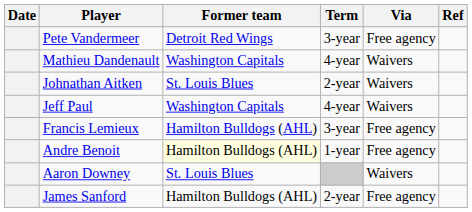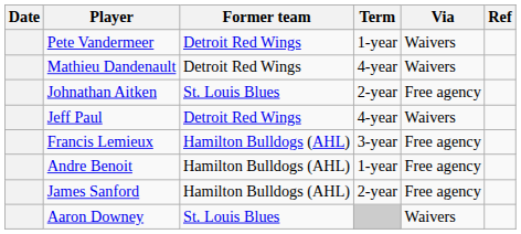 <table class="wikitable plainrowheaders">
 <tr style="background:#ddd; text-align:center;">
 <th>Date</th>
 <th>Player</th>
 <th>Former team</th>
 <th>Term</th>
 <th>Via</th>
 <th>Ref</th>
 </tr>
 <tr>
 <th scope="row"></th>
 <td><a href='#'>Pete Vandermeer</a></td>
 <td><a href='#'>Detroit Red Wings</a></td>
-<td>3-year</td>
-<td>Free agency</td>
+<td>1-year</td>
+<td>Waivers</td>
 <td></td>
 </tr>
 <tr>
 <th scope="row"></th>
 <td><a href='#'>Mathieu Dandenault</a></td>
-<td><a href='#'>Washington Capitals</a></td>
+<td>Detroit Red Wings</td>
 <td>4-year</td>
 <td>Waivers</td>
 <td></td>
 </tr>
 <tr>
 <th scope="row"></th>
 <td><a href='#'>Johnathan Aitken</a></td>
 <td><a href='#'>St. Louis Blues</a></td>
 <td>2-year</td>
-<td>Waivers</td>
+<td>Free agency</td>
 <td></td>
 </tr>
 <tr>
 <th scope="row"></th>
 <td><a href='#'>Jeff Paul</a></td>
-<td><a href='#'>Washington Capitals</a></td>
+<td><a href='#'>Detroit Red Wings</a></td>
 <td>4-year</td>
 <td>Waivers</td>
 <td></td>
 </tr>
 <tr>
 <th scope="row"></th>
 <td><a href='#'>Francis Lemieux</a></td>
 <td><a href='#'>Hamilton Bulldogs</a> (<a href='#'>AHL</a>)</td>
 <td>3-year</td>
 <td>Free agency</td>
 <td></td>
 </tr>
 <tr>
 <th scope="row"></th>
 <td><a href='#'>Andre Benoit</a></td>
-<td style="background: lightyellow;">Hamilton Bulldogs (AHL)</td>
+<td>Hamilton Bulldogs (AHL)</td>
 <td>1-year</td>
+<td>Free agency</td>
+<td></td>
+</tr>
+<tr>
+<th scope="row"></th>
+<td><a href='#'>James Sanford</a></td>
+<td>Hamilton Bulldogs (AHL)</td>
+<td>2-year</td>
 <td>Free agency</td>
 <td></td>
 </tr>
 <tr>
 <th scope="row"></th>
 <td><a href='#'>Aaron Downey</a></td>
 <td><a href='#'>St. Louis Blues</a></td>
 <td style="background:#ccc"></td>
 <td>Waivers</td>
 <td></td>
 </tr>
-<tr>
-<th scope="row"></th>
-<td><a href='#'>James Sanford</a></td>
-<td>Hamilton Bulldogs (AHL)</td>
-<td>2-year</td>
-<td>Free agency</td>
-<td></td>
-</tr>
 </table>
